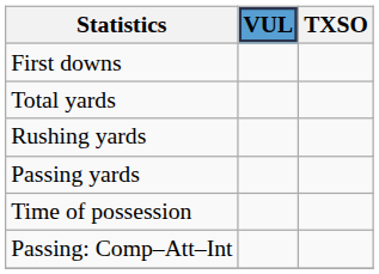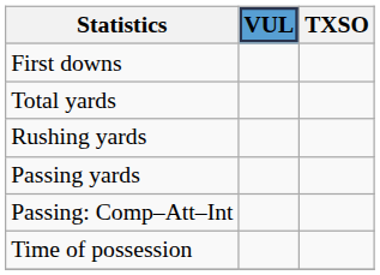 <table class="wikitable" style="float: left;">
 <tr>
 <th>Statistics</th>
 <th style="background-color:#579FD3;color:#000000;box-shadow: inset 2px 2px 0 #2A344E, inset -2px -2px 0 #2A344E">VUL</th>
 <th>TXSO</th>
 </tr>
 <tr>
 <td>First downs</td>
 <td></td>
 <td></td>
 </tr>
 <tr>
 <td>Total yards</td>
 <td></td>
 <td></td>
 </tr>
 <tr>
 <td>Rushing yards</td>
 <td></td>
 <td></td>
 </tr>
 <tr>
 <td>Passing yards</td>
 <td></td>
 <td></td>
 </tr>
 <tr>
-<td>Time of possession</td>
+<td>Passing: Comp–Att–Int</td>
 <td></td>
 <td></td>
 </tr>
 <tr>
-<td>Passing: Comp–Att–Int</td>
+<td>Time of possession</td>
 <td></td>
 <td></td>
 </tr>
 <tr>
 </tr>
 </table>
